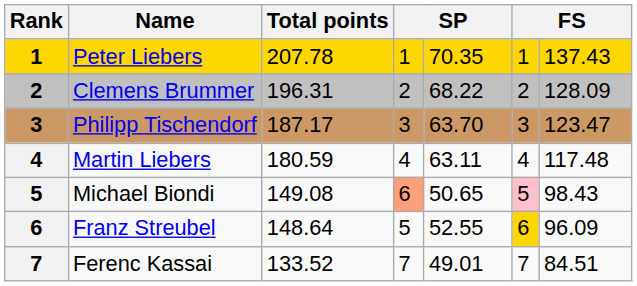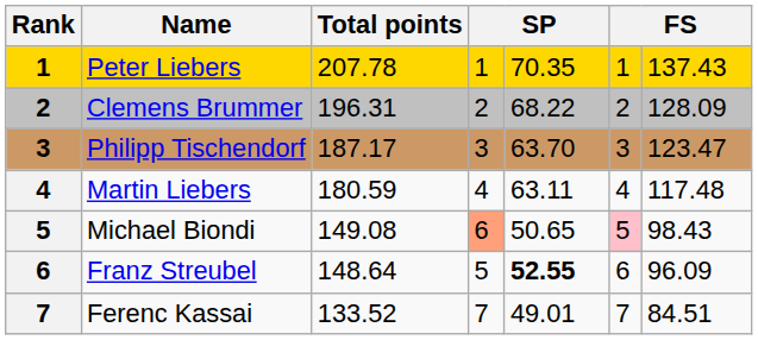 <table class="wikitable">
 <tr>
 <th>Rank</th>
 <th>Name</th>
 <th>Total points</th>
 <th colspan="2" width="80px">SP</th>
 <th colspan="2" width="80px">FS</th>
 </tr>
 <tr bgcolor="gold">
 <td align="center"><strong>1</strong></td>
 <td><a href='#'>Peter Liebers</a></td>
 <td>207.78</td>
 <td>1</td>
 <td>70.35</td>
 <td>1</td>
 <td>137.43</td>
 </tr>
 <tr bgcolor="silver">
 <td align="center"><strong>2</strong></td>
 <td><a href='#'>Clemens Brummer</a></td>
 <td>196.31</td>
 <td>2</td>
 <td>68.22</td>
 <td>2</td>
 <td>128.09</td>
 </tr>
 <tr bgcolor="cc9966">
 <td align="center"><strong>3</strong></td>
 <td><a href='#'>Philipp Tischendorf</a></td>
 <td>187.17</td>
 <td>3</td>
 <td>63.70</td>
 <td>3</td>
 <td>123.47</td>
 </tr>
 <tr>
 <th>4</th>
 <td><a href='#'>Martin Liebers</a></td>
 <td>180.59</td>
 <td>4</td>
 <td>63.11</td>
 <td>4</td>
 <td>117.48</td>
 </tr>
 <tr>
 <th>5</th>
 <td>Michael Biondi</td>
 <td>149.08</td>
 <td style="background: lightsalmon;">6</td>
 <td>50.65</td>
 <td style="background: pink;">5</td>
 <td>98.43</td>
 </tr>
 <tr>
 <th>6</th>
 <td><a href='#'>Franz Streubel</a></td>
 <td>148.64</td>
 <td>5</td>
-<td>52.55</td>
-<td style="background: gold;">6</td>
+<td><strong>52.55</strong></td>
+<td>6</td>
 <td>96.09</td>
 </tr>
 <tr>
 <th>7</th>
 <td>Ferenc Kassai</td>
 <td>133.52</td>
 <td>7</td>
 <td>49.01</td>
 <td>7</td>
 <td>84.51</td>
 </tr>
 </table>
